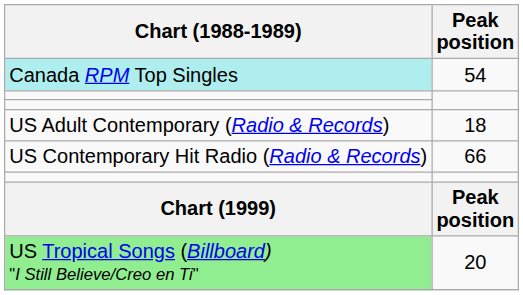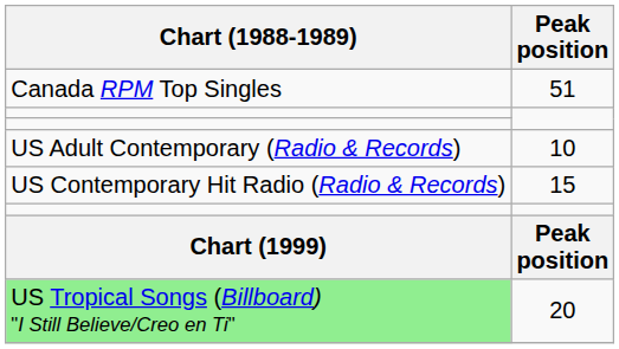 <table class="wikitable sortable">
 <tr>
 <th align="left">Chart (1988-1989)</th>
 <th align="left">Peak <br>position</th>
 </tr>
 <tr>
-<td style="background: paleturquoise;">Canada <em><a href='#'>RPM</a></em> Top Singles</td>
-<td style="text-align:center;">54</td>
+<td>Canada <em><a href='#'>RPM</a></em> Top Singles</td>
+<td style="text-align:center;">51</td>
 </tr>
 <tr>
 <td></td>
 </tr>
 <tr>
 <td></td>
 </tr>
 <tr>
 <td align="left">US Adult Contemporary (<em><a href='#'>Radio & Records</a></em>)</td>
-<td align="center">18</td>
+<td align="center">10</td>
 </tr>
 <tr>
 <td align="left">US Contemporary Hit Radio (<em><a href='#'>Radio & Records</a></em>)</td>
-<td align="center">66</td>
+<td align="center">15</td>
 </tr>
 <tr>
 <td></td>
 </tr>
 <tr>
 <th align="left">Chart (1999)</th>
 <th align="left">Peak <br>position</th>
 </tr>
 <tr>
 <td align="left" style="background: lightgreen;">US <a href='#'>Tropical Songs</a> (<em><a href='#'>Billboard</a>)</em><br><small>"<em>I Still Believe/Creo en Ti</em>"</small></td>
 <td align="center">20</td>
 </tr>
 <tr>
 </tr>
 </table>
